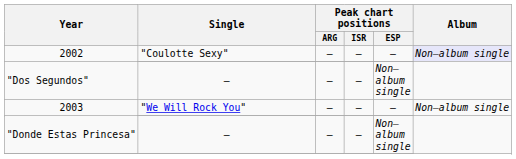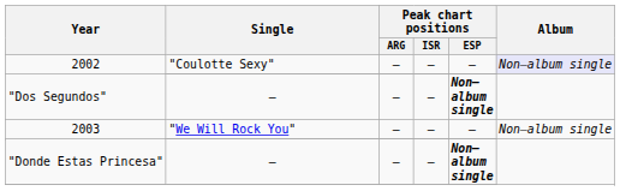 <table class="wikitable" style="text-align:center;">
 <tr>
 <th rowspan="2">Year</th>
 <th rowspan="2" width="230">Single</th>
 <th colspan="3">Peak chart positions</th>
 <th rowspan="2">Album</th>
 </tr>
 <tr>
 <th style="width:3em;font-size:85%">ARG</th>
 <th style="width:3em;font-size:85%">ISR</th>
 <th style="width:3em;font-size:85%">ESP</th>
 </tr>
 <tr>
 <td rowspan="2">2002</td>
 <td align="left">"Coulotte Sexy"</td>
 <td>—</td>
 <td>—</td>
 <td>—</td>
 <td align="left" style="background: lavender;"><em>Non–album single</em></td>
 </tr>
 <tr>
 </tr>
 <tr>
 <td align="left">"Dos Segundos"</td>
 <td>—</td>
 <td>—</td>
 <td>—</td>
-<td align="left"><em>Non–album single</em></td>
+<td align="left"><strong><em>Non–album single</em></strong></td>
 </tr>
 <tr>
 <td rowspan="2">2003</td>
 <td align="left">"<a href='#'>We Will Rock You</a>"</td>
 <td>—</td>
 <td>—</td>
 <td>—</td>
 <td align="left"><em>Non–album single</em></td>
 </tr>
 <tr>
 </tr>
 <tr>
 <td align="left">"Donde Estas Princesa"</td>
 <td>—</td>
 <td>—</td>
 <td>—</td>
-<td align="left"><em>Non–album single</em></td>
+<td align="left"><strong><em>Non–album single</em></strong></td>
 </tr>
 <tr>
 </tr>
 </table>
